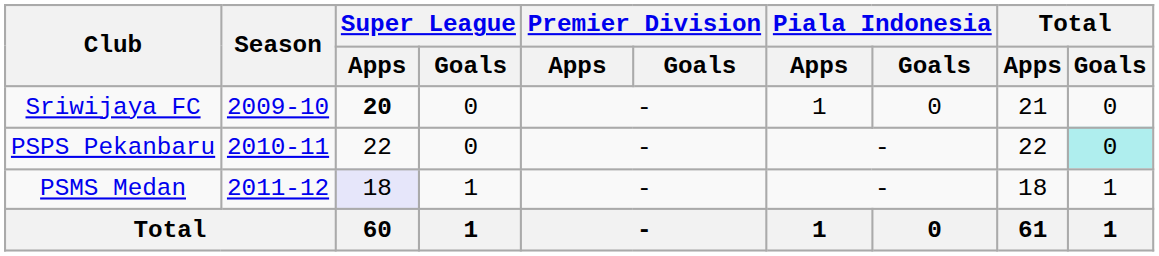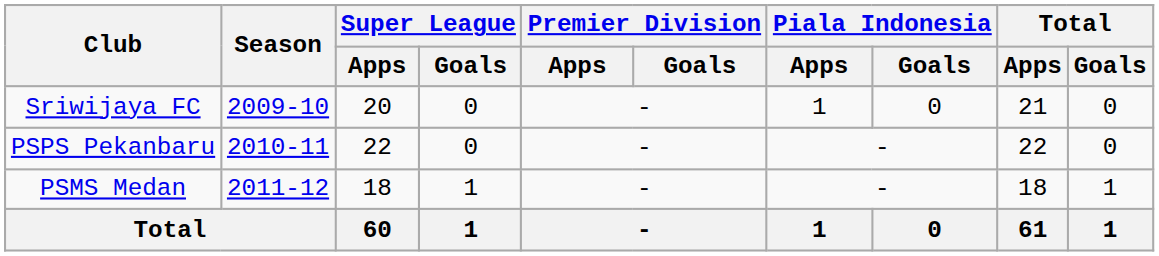 <table class="wikitable" style="font-size:90%; text-align:center;">
 <tr>
 <th rowspan="2">Club</th>
 <th rowspan="2">Season</th>
 <th colspan="2"><a href='#'>Super League</a></th>
 <th colspan="2"><a href='#'>Premier Division</a></th>
 <th colspan="2"><a href='#'>Piala Indonesia</a></th>
 <th colspan="2">Total</th>
 </tr>
 <tr>
 <th>Apps</th>
 <th>Goals</th>
 <th>Apps</th>
 <th>Goals</th>
 <th>Apps</th>
 <th>Goals</th>
 <th>Apps</th>
 <th>Goals</th>
 </tr>
 <tr>
 <td rowspan="1"><a href='#'>Sriwijaya FC</a></td>
 <td><a href='#'>2009-10</a></td>
-<td><strong>20</strong></td>
+<td>20</td>
 <td>0</td>
 <td colspan="2">-</td>
 <td>1</td>
 <td>0</td>
 <td>21</td>
 <td>0</td>
 </tr>
 <tr>
 <td rowspan="1"><a href='#'>PSPS Pekanbaru</a></td>
 <td><a href='#'>2010-11</a></td>
 <td>22</td>
 <td>0</td>
 <td colspan="2">-</td>
 <td colspan="2">-</td>
 <td>22</td>
-<td style="background: paleturquoise;">0</td>
+<td>0</td>
 </tr>
 <tr>
 <td rowspan="1"><a href='#'>PSMS Medan</a></td>
 <td><a href='#'>2011-12</a></td>
-<td style="background: lavender;">18</td>
+<td>18</td>
 <td>1</td>
 <td colspan="2">-</td>
 <td colspan="2">-</td>
 <td>18</td>
 <td>1</td>
 </tr>
 <tr>
 <th colspan="2">Total</th>
 <th>60</th>
 <th>1</th>
 <th colspan="2">-</th>
 <th>1</th>
 <th>0</th>
 <th>61</th>
 <th>1</th>
 </tr>
 </table>
